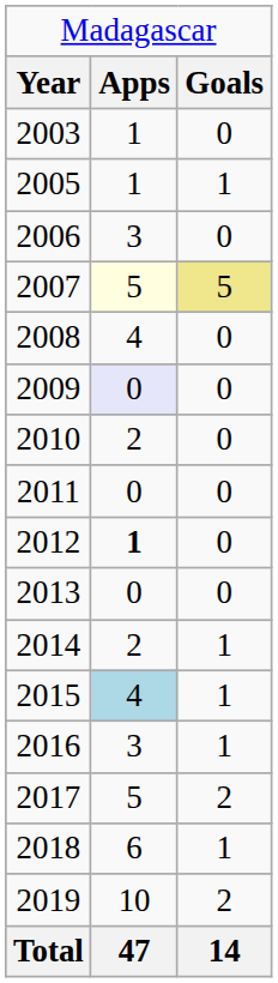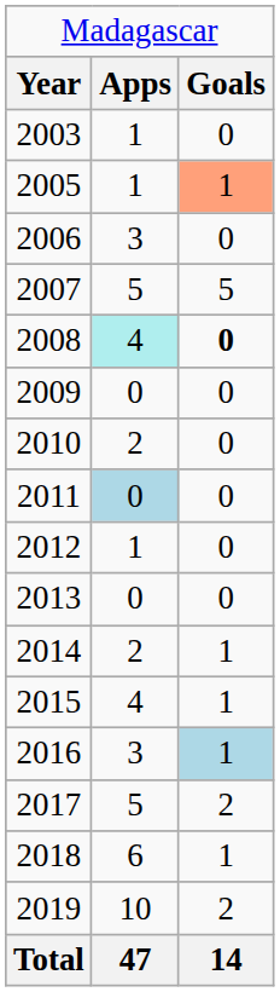 <table class="wikitable" style="text-align:center">
 <tr>
 <td colspan="3"><a href='#'>Madagascar</a></td>
 </tr>
 <tr>
 <th>Year</th>
 <th>Apps</th>
 <th>Goals</th>
 </tr>
 <tr>
 <td>2003</td>
 <td>1</td>
 <td>0</td>
 </tr>
 <tr>
 <td>2005</td>
 <td>1</td>
-<td>1</td>
+<td style="background: lightsalmon;">1</td>
 </tr>
 <tr>
 <td>2006</td>
 <td>3</td>
 <td>0</td>
 </tr>
 <tr>
 <td>2007</td>
-<td style="background: lightyellow;">5</td>
-<td style="background: khaki;">5</td>
+<td>5</td>
+<td>5</td>
 </tr>
 <tr>
 <td>2008</td>
-<td>4</td>
-<td>0</td>
+<td style="background: paleturquoise;">4</td>
+<td><strong>0</strong></td>
 </tr>
 <tr>
 <td>2009</td>
-<td style="background: lavender;">0</td>
+<td>0</td>
 <td>0</td>
 </tr>
 <tr>
 <td>2010</td>
 <td>2</td>
 <td>0</td>
 </tr>
 <tr>
 <td>2011</td>
-<td>0</td>
+<td style="background: lightblue;">0</td>
 <td>0</td>
 </tr>
 <tr>
 <td>2012</td>
-<td><strong>1</strong></td>
+<td>1</td>
 <td>0</td>
 </tr>
 <tr>
 <td>2013</td>
 <td>0</td>
 <td>0</td>
 </tr>
 <tr>
 <td>2014</td>
 <td>2</td>
 <td>1</td>
 </tr>
 <tr>
 <td>2015</td>
-<td style="background: lightblue;">4</td>
+<td>4</td>
 <td>1</td>
 </tr>
 <tr>
 <td>2016</td>
 <td>3</td>
-<td>1</td>
+<td style="background: lightblue;">1</td>
 </tr>
 <tr>
 <td>2017</td>
 <td>5</td>
 <td>2</td>
 </tr>
 <tr>
 <td>2018</td>
 <td>6</td>
 <td>1</td>
 </tr>
 <tr>
 <td>2019</td>
 <td>10</td>
 <td>2</td>
 </tr>
 <tr>
 <th>Total</th>
 <th>47</th>
 <th>14</th>
 </tr>
 </table>
